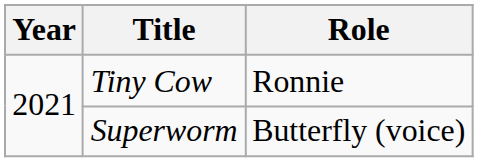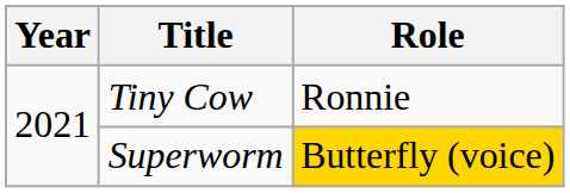 <table class="wikitable plainrowheaders sortable">
 <tr>
 <th scope="col">Year</th>
 <th scope="col">Title</th>
 <th scope="col">Role</th>
 </tr>
 <tr>
 <td rowspan="2">2021</td>
 <td><em>Tiny Cow</em></td>
 <td>Ronnie</td>
 </tr>
 <tr>
 <td><em>Superworm</em></td>
-<td>Butterfly (voice)</td>
+<td style="background: gold;">Butterfly (voice)</td>
 </tr>
 </table>
